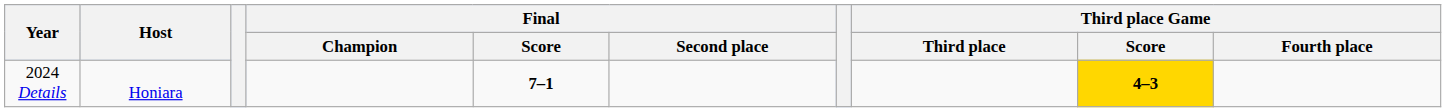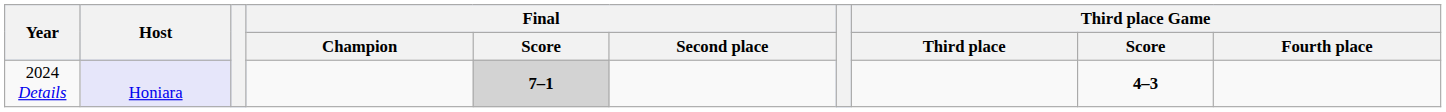 <table class="wikitable" style="font-size:90%; width: 98%; text-align: center;">
 <tr bgcolor=#C1D8FF>
 <th rowspan=2 width=5%>Year</th>
 <th rowspan=2 width=10%>Host</th>
 <th width=1% rowspan=3 bgcolor=ffffff></th>
 <th colspan=3>Final</th>
 <th width=1% rowspan=3 bgcolor=ffffff></th>
 <th colspan=3>Third place Game</th>
 </tr>
 <tr bgcolor=#EFEFEF>
 <th width=15%>Champion</th>
 <th width=9%>Score</th>
 <th width=15%>Second place</th>
 <th width=15%>Third place</th>
 <th width=9%>Score</th>
 <th width=15%>Fourth place</th>
 </tr>
 <tr>
 <td>2024 <br> <em><a href='#'>Details</a></em></td>
-<td><br><a href='#'>Honiara</a></td>
+<td style="background: lavender;"><br><a href='#'>Honiara</a></td>
 <td><strong></strong></td>
-<td><strong>7–1</strong></td>
+<td style="background: lightgrey;"><strong>7–1</strong></td>
 <td></td>
 <td></td>
-<td style="background: gold;"><strong>4–3</strong></td>
+<td><strong>4–3</strong></td>
 <td></td>
 </tr>
 </table>
